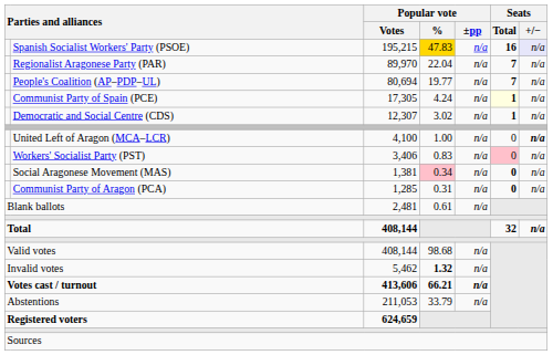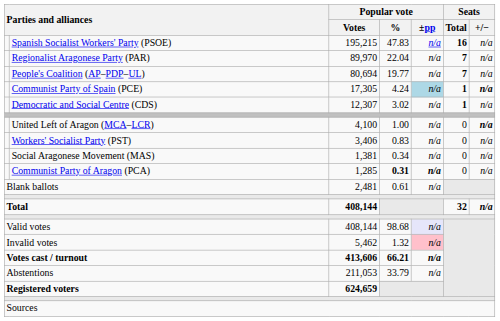 <table class="wikitable" style="text-align:right;">
 <tr>
 <th style="text-align:left;" rowspan="2" colspan="2" width="525">Parties and alliances</th>
 <th colspan="3">Popular vote</th>
 <th colspan="2">Seats</th>
 </tr>
 <tr>
 <th width="75">Votes</th>
 <th width="45">%</th>
 <th width="45">±<a href='#'>pp</a></th>
 <th width="35">Total</th>
 <th width="35">+/−</th>
 </tr>
 <tr>
 <td width="1" style="color:inherit;background:"></td>
 <td align="left"><a href='#'>Spanish Socialist Workers' Party</a> (PSOE)</td>
 <td>195,215</td>
-<td style="background: gold;">47.83</td>
+<td>47.83</td>
 <td><em><a href='#'>n/a</a></em></td>
 <td><strong>16</strong></td>
-<td style="background: lavender;"><em>n/a</em></td>
+<td><em>n/a</em></td>
 </tr>
 <tr>
 <td style="color:inherit;background:"></td>
 <td align="left"><a href='#'>Regionalist Aragonese Party</a> (PAR)</td>
 <td>89,970</td>
 <td>22.04</td>
 <td><em>n/a</em></td>
 <td><strong>7</strong></td>
 <td><em>n/a</em></td>
 </tr>
 <tr>
 <td style="color:inherit;background:"></td>
 <td align="left"><a href='#'>People's Coalition</a> (<a href='#'>AP</a>–<a href='#'>PDP</a>–<a href='#'>UL</a>)</td>
 <td>80,694</td>
 <td>19.77</td>
 <td><em>n/a</em></td>
 <td><strong>7</strong></td>
 <td><em>n/a</em></td>
 </tr>
 <tr>
 <td style="color:inherit;background:"></td>
 <td align="left"><a href='#'>Communist Party of Spain</a> (PCE)</td>
 <td>17,305</td>
 <td>4.24</td>
-<td><em>n/a</em></td>
-<td style="background: lightyellow;"><strong>1</strong></td>
-<td><em>n/a</em></td>
+<td style="background: lightblue;"><em>n/a</em></td>
+<td><strong>1</strong></td>
+<td><strong><em>n/a</em></strong></td>
 </tr>
 <tr>
 <td style="color:inherit;background:"></td>
 <td align="left"><a href='#'>Democratic and Social Centre</a> (CDS)</td>
 <td>12,307</td>
 <td>3.02</td>
 <td><em>n/a</em></td>
 <td><strong>1</strong></td>
 <td><em>n/a</em></td>
 </tr>
 <tr>
 <td colspan="7" bgcolor="#C0C0C0"></td>
 </tr>
 <tr>
 <td style="color:inherit;background:"></td>
 <td align="left">United Left of Aragon (<a href='#'>MCA</a>–<a href='#'>LCR</a>)</td>
 <td>4,100</td>
 <td>1.00</td>
 <td><em>n/a</em></td>
 <td>0</td>
 <td><strong><em>n/a</em></strong></td>
 </tr>
 <tr>
 <td style="color:inherit;background:"></td>
 <td align="left"><a href='#'>Workers' Socialist Party</a> (PST)</td>
 <td>3,406</td>
 <td>0.83</td>
 <td><em>n/a</em></td>
-<td style="background: pink;">0</td>
+<td>0</td>
 <td><em>n/a</em></td>
 </tr>
 <tr>
 <td style="color:inherit;background:"></td>
 <td align="left">Social Aragonese Movement (MAS)</td>
 <td>1,381</td>
-<td style="background: pink;">0.34</td>
+<td>0.34</td>
 <td><em>n/a</em></td>
-<td><strong>0</strong></td>
+<td>0</td>
 <td><em>n/a</em></td>
 </tr>
 <tr>
 <td style="color:inherit;background:"></td>
 <td align="left"><a href='#'>Communist Party of Aragon</a> (PCA)</td>
 <td>1,285</td>
-<td>0.31</td>
-<td><em>n/a</em></td>
-<td><strong>0</strong></td>
+<td><strong>0.31</strong></td>
+<td><strong><em>n/a</em></strong></td>
+<td>0</td>
 <td><em>n/a</em></td>
 </tr>
 <tr>
 <td align="left" colspan="2">Blank ballots</td>
 <td>2,481</td>
 <td>0.61</td>
 <td><em>n/a</em></td>
 <td bgcolor="#E9E9E9" colspan="2"></td>
 </tr>
 <tr>
 <td colspan="7" bgcolor="#E9E9E9"></td>
 </tr>
 <tr style="font-weight:bold;">
 <td align="left" colspan="2">Total</td>
 <td>408,144</td>
 <td bgcolor="#E9E9E9" colspan="2"></td>
 <td>32</td>
 <td><em>n/a</em></td>
 </tr>
 <tr>
 <td colspan="7" bgcolor="#E9E9E9"></td>
 </tr>
 <tr>
 <td align="left" colspan="2">Valid votes</td>
 <td>408,144</td>
 <td>98.68</td>
-<td><em>n/a</em></td>
+<td style="background: lavender;"><em>n/a</em></td>
 <td bgcolor="#E9E9E9" colspan="2" rowspan="5"></td>
 </tr>
 <tr>
 <td align="left" colspan="2">Invalid votes</td>
 <td>5,462</td>
-<td><strong>1.32</strong></td>
-<td><em>n/a</em></td>
+<td>1.32</td>
+<td style="background: pink;"><em>n/a</em></td>
 </tr>
 <tr style="font-weight:bold;">
 <td align="left" colspan="2">Votes cast / turnout</td>
 <td>413,606</td>
 <td>66.21</td>
 <td><em>n/a</em></td>
 </tr>
 <tr>
 <td align="left" colspan="2">Abstentions</td>
 <td>211,053</td>
 <td>33.79</td>
 <td><em>n/a</em></td>
 </tr>
 <tr style="font-weight:bold;">
 <td align="left" colspan="2">Registered voters</td>
 <td>624,659</td>
 <td bgcolor="#E9E9E9" colspan="2"></td>
 </tr>
 <tr>
 <td colspan="7" bgcolor="#E9E9E9"></td>
 </tr>
 <tr>
 <td align="left" colspan="7">Sources</td>
 </tr>
 </table>
